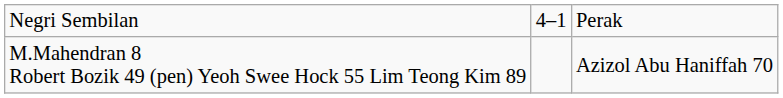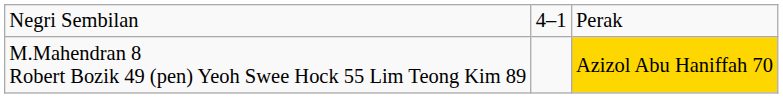 <table class="wikitable">
 <tr>
 <td>Negri Sembilan</td>
 <td>4–1</td>
 <td>Perak</td>
 </tr>
 <tr>
 <td>M.Mahendran 8<br>Robert Bozik 49 (pen) Yeoh Swee Hock 55 Lim Teong Kim 89</td>
 <td></td>
-<td>Azizol Abu Haniffah 70</td>
+<td style="background: gold;">Azizol Abu Haniffah 70</td>
 </tr>
 </table>
